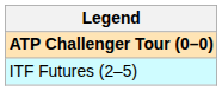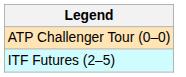 <table class=wikitable style=font-size:97%>
 <tr>
 <th>Legend</th>
 </tr>
 <tr bgcolor=moccasin>
-<td><strong>ATP Challenger Tour (0–0)</strong></td>
+<td>ATP Challenger Tour (0–0)</td>
 </tr>
 <tr bgcolor=cffcff>
 <td>ITF Futures (2–5)</td>
 </tr>
 </table>
